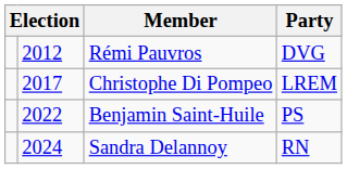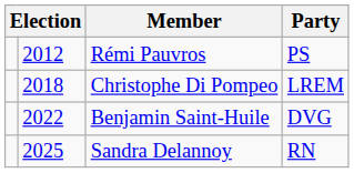 <table class="wikitable">
 <tr>
 <th colspan="2">Election</th>
 <th>Member</th>
 <th>Party</th>
 </tr>
 <tr>
 <td style="color:inherit;background-color: "></td>
 <td><a href='#'>2012</a></td>
 <td><a href='#'>Rémi Pauvros</a></td>
-<td><a href='#'>DVG</a></td>
+<td><a href='#'>PS</a></td>
 </tr>
 <tr>
 <td style="color:inherit;background-color: "></td>
-<td><a href='#'>2017</a></td>
+<td><a href='#'>2018</a></td>
 <td><a href='#'>Christophe Di Pompeo</a></td>
 <td><a href='#'>LREM</a></td>
 </tr>
 <tr>
 <td style="color:inherit;background-color: "></td>
 <td><a href='#'>2022</a></td>
 <td><a href='#'>Benjamin Saint-Huile</a></td>
-<td><a href='#'>PS</a></td>
+<td><a href='#'>DVG</a></td>
 </tr>
 <tr>
 <td></td>
-<td><a href='#'>2024</a></td>
+<td><a href='#'>2025</a></td>
 <td><a href='#'>Sandra Delannoy</a></td>
 <td><a href='#'>RN</a></td>
 </tr>
 </table>
